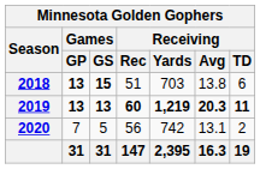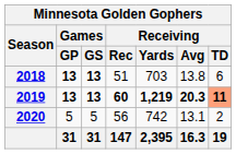 <table class="wikitable" style="text-align:center;">
 <tr>
 <th colspan="15">Minnesota Golden Gophers</th>
 </tr>
 <tr>
 <th rowspan="2">Season</th>
 <th colspan="2">Games</th>
 <th colspan="4">Receiving</th>
 </tr>
 <tr>
 <th>GP</th>
 <th>GS</th>
 <th>Rec</th>
 <th>Yards</th>
 <th>Avg</th>
 <th>TD</th>
 </tr>
 <tr>
 <th><a href='#'>2018</a></th>
 <td><strong>13</strong></td>
-<td><strong>15</strong></td>
+<td><strong>13</strong></td>
 <td>51</td>
 <td>703</td>
 <td>13.8</td>
 <td>6</td>
 </tr>
 <tr>
 <th><a href='#'>2019</a></th>
 <td><strong>13</strong></td>
 <td><strong>13</strong></td>
 <td><strong>60</strong></td>
 <td><strong>1,219</strong></td>
 <td><strong>20.3</strong></td>
-<td><strong>11</strong></td>
+<td style="background: lightsalmon;"><strong>11</strong></td>
 </tr>
 <tr>
 <th><a href='#'>2020</a></th>
-<td>7</td>
+<td>5</td>
 <td>5</td>
 <td>56</td>
 <td>742</td>
 <td>13.1</td>
 <td>2</td>
 </tr>
 <tr>
 <th></th>
 <th>31</th>
 <th>31</th>
 <th>147</th>
 <th>2,395</th>
 <th>16.3</th>
 <th>19</th>
 </tr>
 </table>
